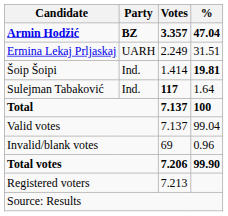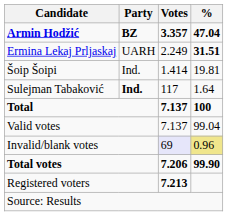 <table class="wikitable" style="text-align: left;">
 <tr>
 <th>Candidate</th>
 <th>Party</th>
 <th>Votes</th>
 <th>%</th>
 </tr>
 <tr>
 <td><a href='#'><strong>Armin Hodžić</strong></a></td>
 <td><strong>BZ</strong></td>
 <td><strong>3.357</strong></td>
 <td><strong>47.04</strong></td>
 </tr>
 <tr>
 <td><a href='#'>Ermina Lekaj Prljaskaj</a></td>
 <td>UARH</td>
 <td>2.249</td>
-<td>31.51</td>
+<td><strong>31.51</strong></td>
 </tr>
 <tr>
 <td>Šoip Šoipi</td>
 <td>Ind.</td>
 <td>1.414</td>
-<td><strong>19.81</strong></td>
+<td>19.81</td>
 </tr>
 <tr>
 <td>Sulejman Tabaković</td>
-<td>Ind.</td>
-<td><strong>117</strong></td>
+<td><strong>Ind.</strong></td>
+<td>117</td>
 <td>1.64</td>
 </tr>
 <tr>
 <td colspan="2"><strong>Total</strong></td>
 <td><strong>7.137</strong></td>
 <td><strong>100</strong></td>
 </tr>
 <tr>
 <td colspan="2">Valid votes</td>
 <td>7.137</td>
 <td>99.04</td>
 </tr>
 <tr>
 <td colspan="2">Invalid/blank votes</td>
-<td>69</td>
-<td>0.96</td>
+<td style="background: lavender;">69</td>
+<td style="background: khaki;">0.96</td>
 </tr>
 <tr>
 <td colspan="2"><strong>Total votes</strong></td>
 <td><strong>7.206</strong></td>
 <td><strong>99.90</strong></td>
 </tr>
 <tr>
 <td colspan="2">Registered voters</td>
-<td>7.213</td>
+<td><strong>7.213</strong></td>
 <td></td>
 </tr>
 <tr>
 <td colspan="4">Source: Results</td>
 </tr>
 </table>
